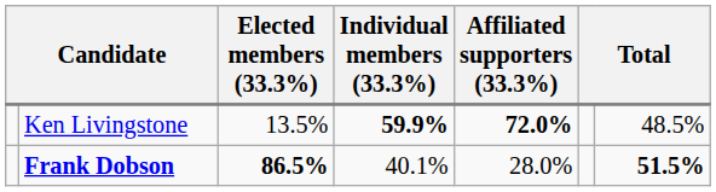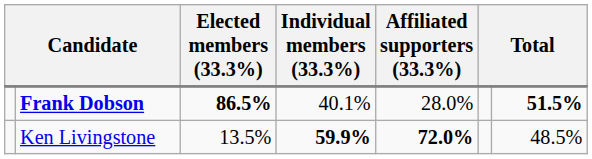 <table class="wikitable" style="font-size: 95%;">
 <tr style="background-color:#E9E9E9">
 <th colspan="2" scope="col" rowspan="1" width="125">Candidate</th>
 <th scope="col" colspan="1" width="65">Elected  <br> members <br> (33.3%)</th>
 <th scope="col" colspan="1" width="65">Individual  <br>members <br> (33.3%)</th>
 <th scope="col" colspan="1" width="65">Affiliated  <br>supporters <br> (33.3%)</th>
 <th scope="col" colspan="2" width="75">Total</th>
 </tr>
 <tr style="background-color:#E9E9E9; border-bottom: 2px solid gray;">
 </tr>
 <tr align="right">
 <td style="background-color: "></td>
+<td scope="row" align="left"><strong><a href='#'>Frank Dobson</a></strong> </td>
+<td><strong>86.5%</strong></td>
+<td>40.1%</td>
+<td>28.0%</td>
+<td align=center></td>
+<td><strong>51.5%</strong></td>
+</tr>
+<tr align="right">
+<td style="background-color: "></td>
 <td scope="row" align="left"><a href='#'>Ken Livingstone</a></td>
 <td>13.5%</td>
 <td><strong>59.9%</strong></td>
 <td><strong>72.0%</strong></td>
 <td align=center></td>
 <td>48.5%</td>
 </tr>
-<tr align="right">
-<td style="background-color: "></td>
-<td scope="row" align="left"><strong><a href='#'>Frank Dobson</a></strong> </td>
-<td><strong>86.5%</strong></td>
-<td>40.1%</td>
-<td>28.0%</td>
-<td align=center></td>
-<td><strong>51.5%</strong></td>
-</tr>
 </table>
